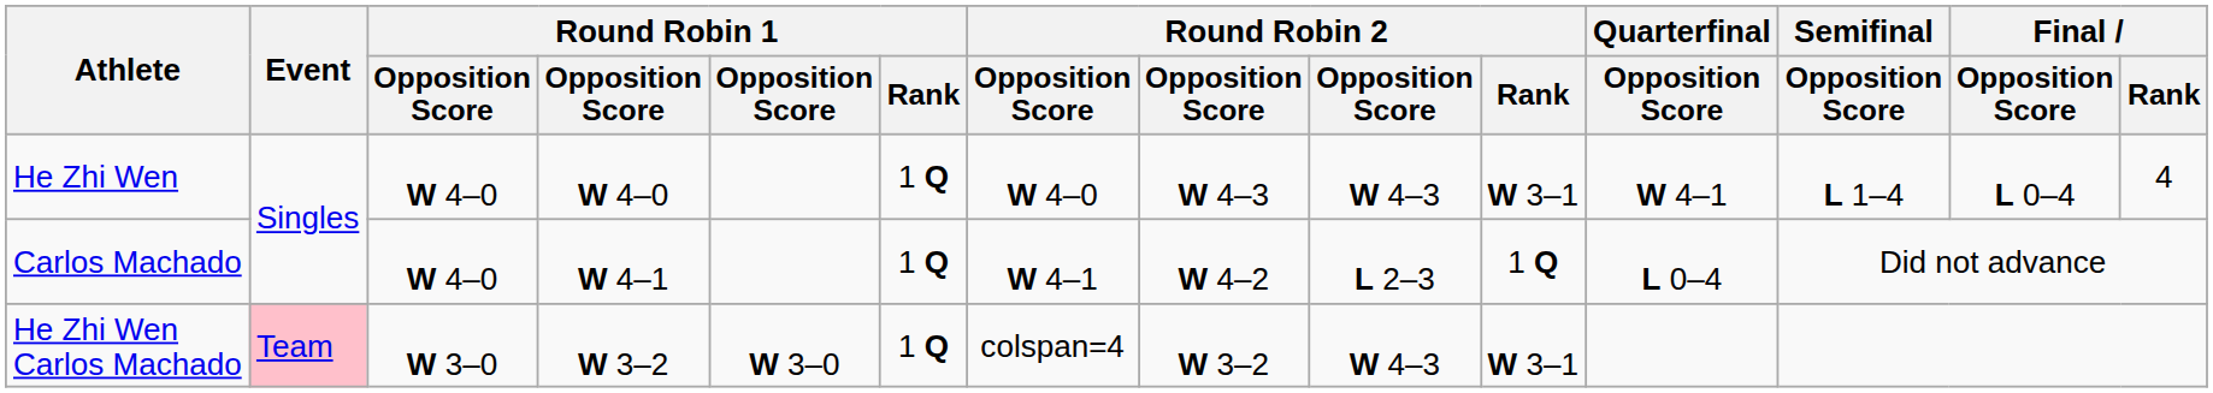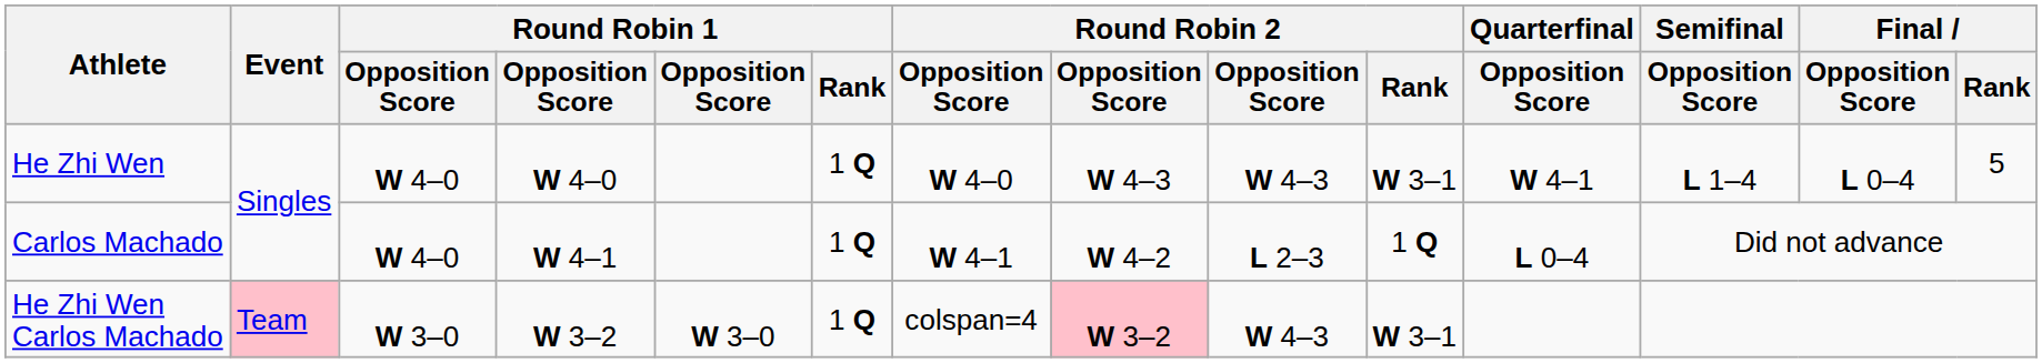 <table class=wikitable style="font-size:90%">
 <tr>
 <th rowspan=2>Athlete</th>
 <th rowspan=2>Event</th>
 <th colspan=4>Round Robin 1</th>
 <th colspan=4>Round Robin 2</th>
 <th>Quarterfinal</th>
 <th>Semifinal</th>
 <th colspan=2>Final / </th>
 </tr>
 <tr style="font-size:95%">
 <th>Opposition<br>Score</th>
 <th>Opposition<br>Score</th>
 <th>Opposition<br>Score</th>
 <th>Rank</th>
 <th>Opposition<br>Score</th>
 <th>Opposition<br>Score</th>
 <th>Opposition<br>Score</th>
 <th>Rank</th>
 <th>Opposition<br>Score</th>
 <th>Opposition<br>Score</th>
 <th>Opposition<br>Score</th>
 <th>Rank</th>
 </tr>
 <tr align=center>
 <td align=left><a href='#'>He Zhi Wen</a></td>
 <td align=left rowspan=2><a href='#'>Singles</a></td>
 <td><br><strong>W</strong> 4–0</td>
 <td><br><strong>W</strong> 4–0</td>
 <td></td>
 <td>1 <strong>Q</strong></td>
 <td><br><strong>W</strong> 4–0</td>
 <td><br><strong>W</strong> 4–3</td>
 <td><br><strong>W</strong> 4–3</td>
 <td><br><strong>W</strong> 3–1</td>
 <td><br><strong>W</strong> 4–1</td>
 <td><br><strong>L</strong> 1–4</td>
 <td><br><strong>L</strong> 0–4</td>
-<td>4</td>
+<td>5</td>
 </tr>
 <tr align=center>
 <td align=left><a href='#'>Carlos Machado</a></td>
 <td><br><strong>W</strong> 4–0</td>
 <td><br><strong>W</strong> 4–1</td>
 <td></td>
 <td>1 <strong>Q</strong></td>
 <td><br><strong>W</strong> 4–1</td>
 <td><br><strong>W</strong> 4–2</td>
 <td><br><strong>L</strong> 2–3</td>
 <td>1 <strong>Q</strong></td>
 <td><br><strong>L</strong> 0–4</td>
 <td colspan=3>Did not advance</td>
 </tr>
 <tr align=center>
 <td align=left><a href='#'>He Zhi Wen</a><br><a href='#'>Carlos Machado</a></td>
 <td align=left style="background: pink;"><a href='#'>Team</a></td>
 <td><br><strong>W</strong> 3–0</td>
 <td><br><strong>W</strong> 3–2</td>
 <td><br><strong>W</strong> 3–0</td>
 <td>1 <strong>Q</strong></td>
 <td>colspan=4 </td>
-<td><br><strong>W</strong> 3–2</td>
+<td style="background: pink;"><br><strong>W</strong> 3–2</td>
 <td><br><strong>W</strong> 4–3</td>
 <td><br><strong>W</strong> 3–1</td>
 <td></td>
 </tr>
 </table>
